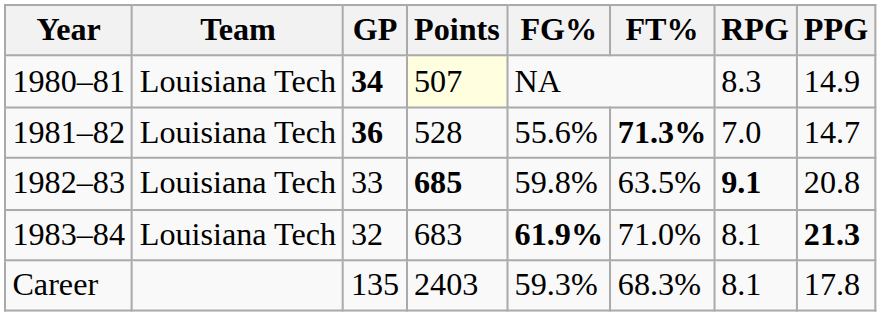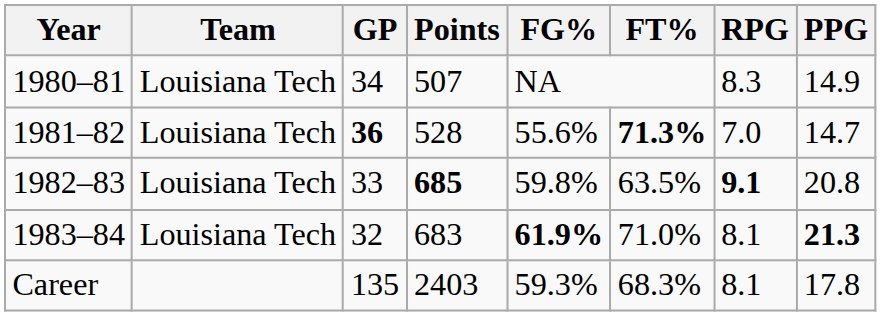 <table class="wikitable">
 <tr>
 <th>Year</th>
 <th>Team</th>
 <th>GP</th>
 <th>Points</th>
 <th>FG%</th>
 <th>FT%</th>
 <th>RPG</th>
 <th>PPG</th>
 </tr>
 <tr>
 <td>1980–81</td>
 <td>Louisiana Tech</td>
-<td><strong>34</strong></td>
-<td style="background: lightyellow;">507</td>
+<td>34</td>
+<td>507</td>
 <td colspan="2">NA</td>
 <td>8.3</td>
 <td>14.9</td>
 </tr>
 <tr>
 <td>1981–82</td>
 <td>Louisiana Tech</td>
 <td><strong>36</strong></td>
 <td>528</td>
 <td>55.6%</td>
 <td><strong>71.3%</strong></td>
 <td>7.0</td>
 <td>14.7</td>
 </tr>
 <tr>
 <td>1982–83</td>
 <td>Louisiana Tech</td>
 <td>33</td>
 <td><strong>685</strong></td>
 <td>59.8%</td>
 <td>63.5%</td>
 <td><strong>9.1</strong></td>
 <td>20.8</td>
 </tr>
 <tr>
 <td>1983–84</td>
 <td>Louisiana Tech</td>
 <td>32</td>
 <td>683</td>
 <td><strong>61.9%</strong></td>
 <td>71.0%</td>
 <td>8.1</td>
 <td><strong>21.3</strong></td>
 </tr>
 <tr>
 <td>Career</td>
 <td></td>
 <td>135</td>
 <td>2403</td>
 <td>59.3%</td>
 <td>68.3%</td>
 <td>8.1</td>
 <td>17.8</td>
 </tr>
 </table>
